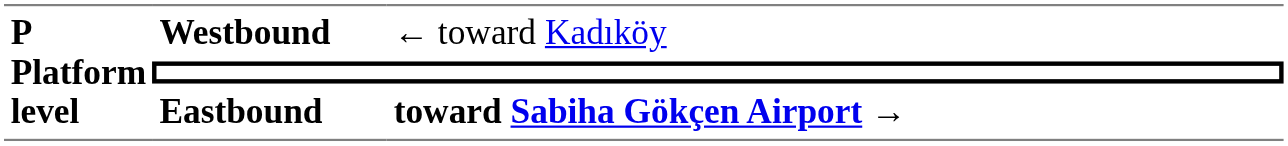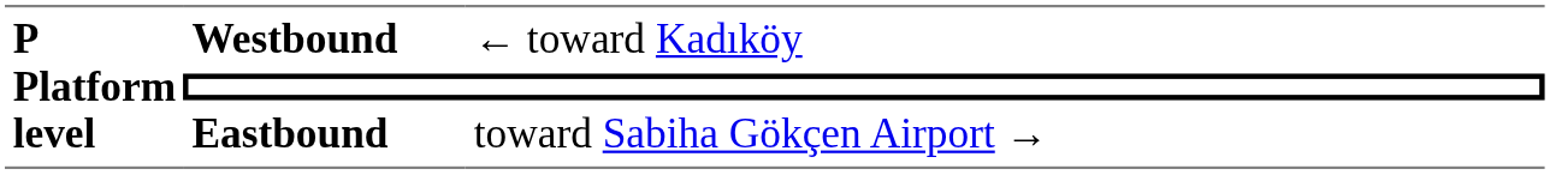 <table table border=0 cellspacing=0 cellpadding=3>
 <tr>
 <td style="border-top:solid 1px gray;border-bottom:solid 1px gray;" width=50 rowspan=3 valign=top><strong>P<br>Platform level</strong></td>
 <td style="border-top:solid 1px gray;" width=100><strong>Westbound</strong></td>
 <td style="border-top:solid 1px gray;" width=400>←  toward <a href='#'>Kadıköy</a></td>
 </tr>
 <tr>
 <td style="border-top:solid 2px black;border-right:solid 2px black;border-left:solid 2px black;border-bottom:solid 2px black;text-align:center;" colspan=2></td>
 </tr>
 <tr>
 <td style="border-bottom:solid 1px gray;"><strong>Eastbound</strong></td>
-<td style="border-bottom:solid 1px gray;"><strong> toward <a href='#'>Sabiha Gökçen Airport</a> →</strong></td>
+<td style="border-bottom:solid 1px gray;"> toward <a href='#'>Sabiha Gökçen Airport</a> →</td>
 </tr>
 </table>
